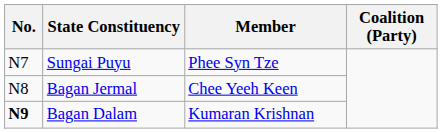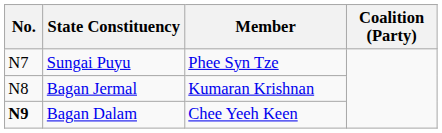 <table class="wikitable">
 <tr>
 <th width="30">No.</th>
 <th width="130">State Constituency</th>
 <th width="150">Member</th>
 <th width="80">Coalition (Party)</th>
 </tr>
 <tr>
 <td>N7</td>
 <td><a href='#'>Sungai Puyu</a></td>
 <td><a href='#'>Phee Syn Tze</a></td>
 <td rowspan=3></td>
 </tr>
 <tr>
 <td>N8</td>
 <td><a href='#'>Bagan Jermal</a></td>
-<td><a href='#'>Chee Yeeh Keen</a></td>
+<td><a href='#'>Kumaran Krishnan</a></td>
 </tr>
 <tr>
 <td><strong>N9</strong></td>
 <td><a href='#'>Bagan Dalam</a></td>
-<td><a href='#'>Kumaran Krishnan</a></td>
+<td><a href='#'>Chee Yeeh Keen</a></td>
 </tr>
 </table>
